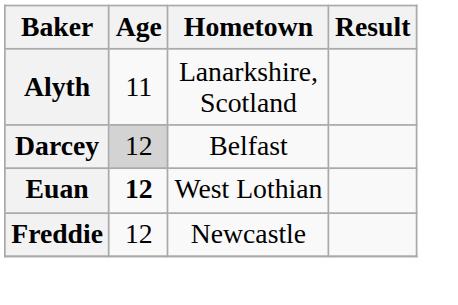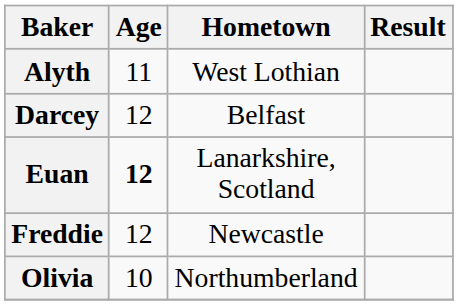 <table class="wikitable sortable" style="display:inline-table; text-align:center">
 <tr>
 <th scope="col">Baker</th>
 <th scope="col">Age</th>
 <th scope="col">Hometown</th>
 <th scope="col">Result</th>
 </tr>
 <tr>
 <th scope="row">Alyth</th>
 <td>11</td>
-<td>Lanarkshire,<br>Scotland</td>
+<td>West Lothian</td>
 <td></td>
 </tr>
 <tr>
 <th scope="row">Darcey</th>
-<td style="background: lightgrey;">12</td>
+<td>12</td>
 <td>Belfast</td>
 <td></td>
 </tr>
 <tr>
 <th scope="row">Euan</th>
 <td><strong>12</strong></td>
-<td>West Lothian</td>
+<td>Lanarkshire,<br>Scotland</td>
 <td></td>
 </tr>
 <tr>
 <th scope="row">Freddie</th>
 <td>12</td>
 <td>Newcastle</td>
 <td></td>
 </tr>
 <tr>
+<th scope="row">Olivia</th>
+<td>10</td>
+<td>Northumberland</td>
+<td></td>
+</tr>
+<tr>
 </tr>
 </table>
